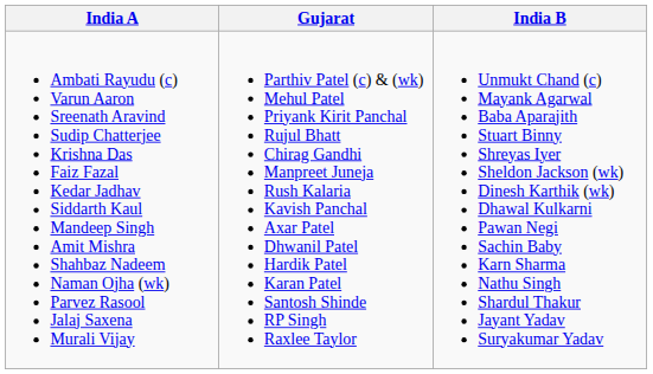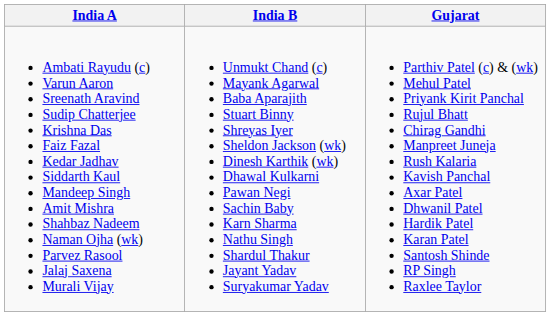 <table class="wikitable">
 <tr>
 <th style="width:150pt;"><a href='#'>India A</a></th>
+<th style="width:150pt;"><a href='#'>India B</a></th>
 <th style="width:150pt;"><a href='#'>Gujarat</a></th>
-<th style="width:150pt;"><a href='#'>India B</a></th>
 </tr>
 <tr style="vertical-align:top">
 <td><br><ul><li><a href='#'>Ambati Rayudu</a> (<a href='#'>c</a>)</li><li><a href='#'>Varun Aaron</a></li><li><a href='#'>Sreenath Aravind</a></li><li><a href='#'>Sudip Chatterjee</a></li><li><a href='#'>Krishna Das</a></li><li><a href='#'>Faiz Fazal</a></li><li><a href='#'>Kedar Jadhav</a></li><li><a href='#'>Siddarth Kaul</a></li><li><a href='#'>Mandeep Singh</a></li><li><a href='#'>Amit Mishra</a></li><li><a href='#'>Shahbaz Nadeem</a></li><li><a href='#'>Naman Ojha</a> (<a href='#'>wk</a>)</li><li><a href='#'>Parvez Rasool</a></li><li><a href='#'>Jalaj Saxena</a></li><li><a href='#'>Murali Vijay</a></li></ul></td>
+<td><br><ul><li><a href='#'>Unmukt Chand</a> (<a href='#'>c</a>)</li><li><a href='#'>Mayank Agarwal</a></li><li><a href='#'>Baba Aparajith</a></li><li><a href='#'>Stuart Binny</a></li><li><a href='#'>Shreyas Iyer</a></li><li><a href='#'>Sheldon Jackson</a> (<a href='#'>wk</a>)</li><li><a href='#'>Dinesh Karthik</a> (<a href='#'>wk</a>)</li><li><a href='#'>Dhawal Kulkarni</a></li><li><a href='#'>Pawan Negi</a></li><li><a href='#'>Sachin Baby</a></li><li><a href='#'>Karn Sharma</a></li><li><a href='#'>Nathu Singh</a></li><li><a href='#'>Shardul Thakur</a></li><li><a href='#'>Jayant Yadav</a></li><li><a href='#'>Suryakumar Yadav</a></li></ul></td>
 <td><br><ul><li><a href='#'>Parthiv Patel</a> (<a href='#'>c</a>) & (<a href='#'>wk</a>)</li><li><a href='#'>Mehul Patel</a></li><li><a href='#'>Priyank Kirit Panchal</a></li><li><a href='#'>Rujul Bhatt</a></li><li><a href='#'>Chirag Gandhi</a></li><li><a href='#'>Manpreet Juneja</a></li><li><a href='#'>Rush Kalaria</a></li><li><a href='#'>Kavish Panchal</a></li><li><a href='#'>Axar Patel</a></li><li><a href='#'>Dhwanil Patel</a></li><li><a href='#'>Hardik Patel</a></li><li><a href='#'>Karan Patel</a></li><li><a href='#'>Santosh Shinde</a></li><li><a href='#'>RP Singh</a></li><li><a href='#'>Raxlee Taylor</a></li></ul></td>
-<td><br><ul><li><a href='#'>Unmukt Chand</a> (<a href='#'>c</a>)</li><li><a href='#'>Mayank Agarwal</a></li><li><a href='#'>Baba Aparajith</a></li><li><a href='#'>Stuart Binny</a></li><li><a href='#'>Shreyas Iyer</a></li><li><a href='#'>Sheldon Jackson</a> (<a href='#'>wk</a>)</li><li><a href='#'>Dinesh Karthik</a> (<a href='#'>wk</a>)</li><li><a href='#'>Dhawal Kulkarni</a></li><li><a href='#'>Pawan Negi</a></li><li><a href='#'>Sachin Baby</a></li><li><a href='#'>Karn Sharma</a></li><li><a href='#'>Nathu Singh</a></li><li><a href='#'>Shardul Thakur</a></li><li><a href='#'>Jayant Yadav</a></li><li><a href='#'>Suryakumar Yadav</a></li></ul></td>
 </tr>
 </table>
